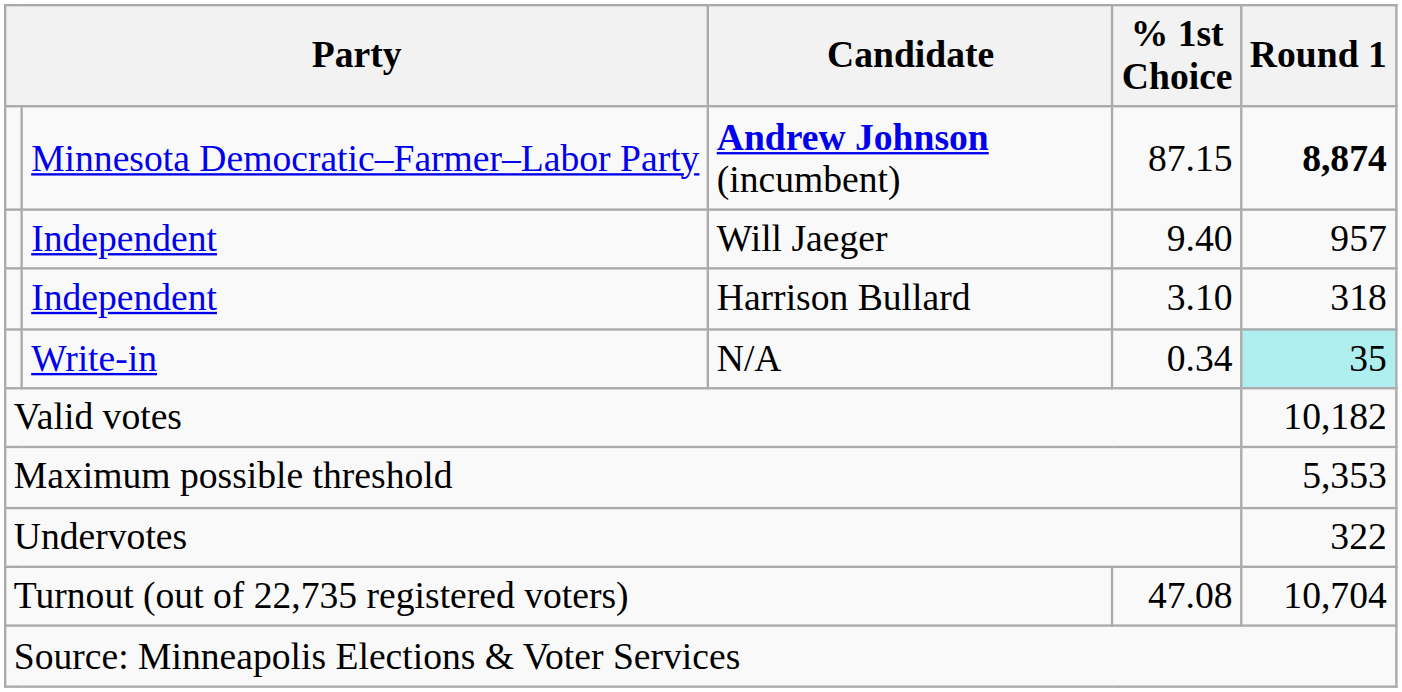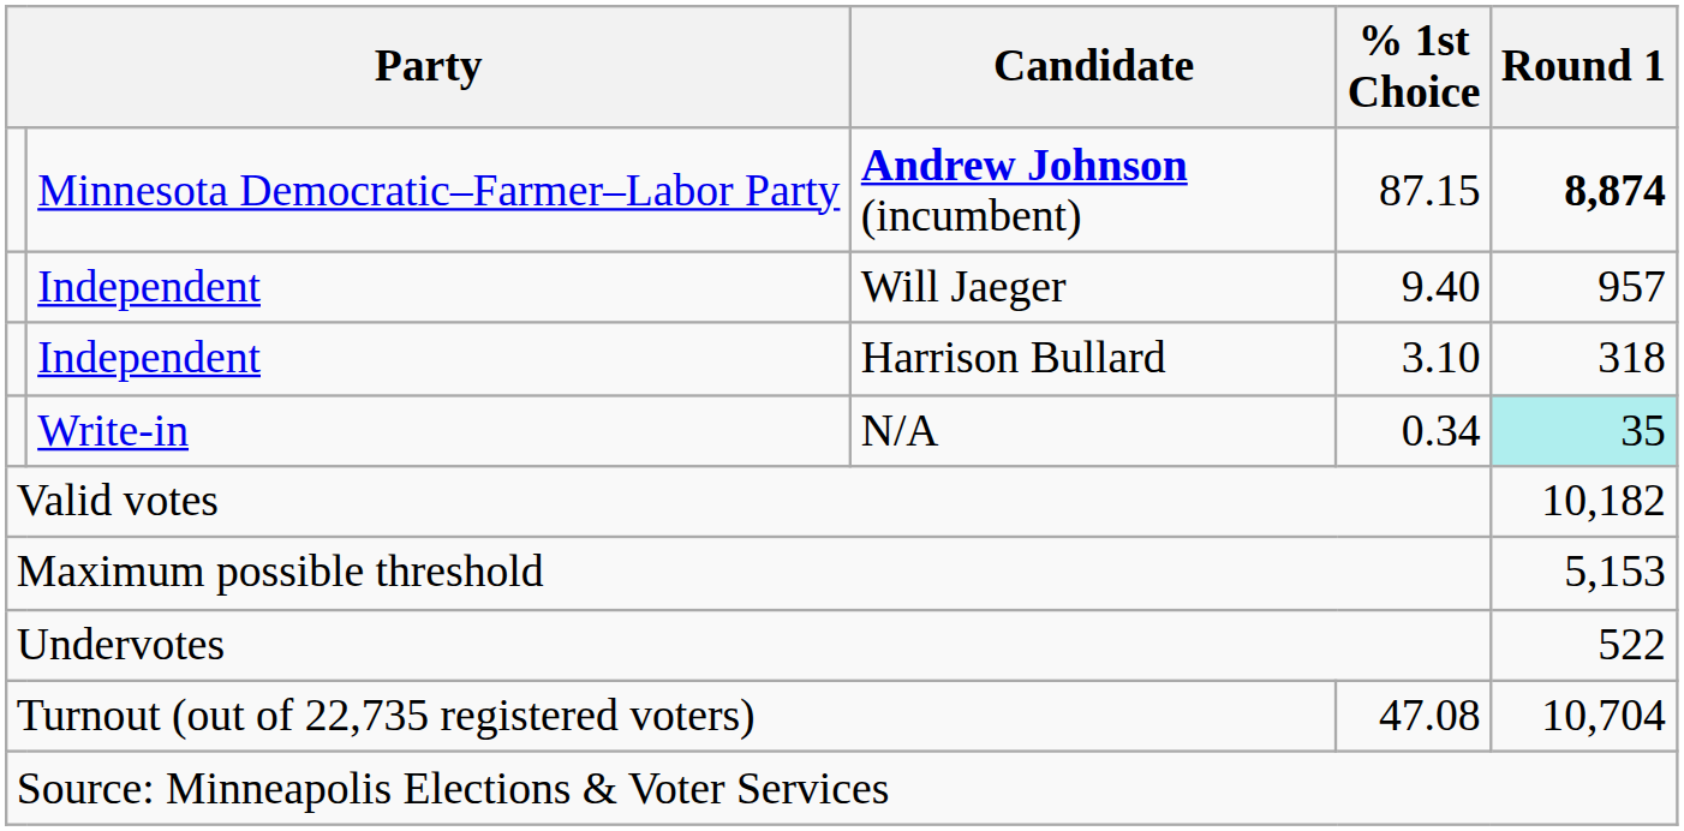 <table class="wikitable">
 <tr>
 <th colspan="2" style="width:290px">Party</th>
 <th style="width:165px">Candidate</th>
 <th>% 1st<br>Choice</th>
 <th>Round 1</th>
 </tr>
 <tr>
 <td style="background-color:"></td>
 <td><a href='#'>Minnesota Democratic–Farmer–Labor Party</a></td>
 <td><a href='#'><strong>Andrew Johnson</strong></a> (incumbent)</td>
 <td align="right">87.15</td>
 <td align="right"><strong>8,874</strong></td>
 </tr>
 <tr>
 <td style="background-color:"></td>
 <td><a href='#'>Independent</a></td>
 <td>Will Jaeger</td>
 <td align="right">9.40</td>
 <td align="right">957</td>
 </tr>
 <tr>
 <td style="background-color:"></td>
 <td><a href='#'>Independent</a></td>
 <td>Harrison Bullard</td>
 <td align="right">3.10</td>
 <td align="right">318</td>
 </tr>
 <tr>
 <td style="background-color:"></td>
 <td><a href='#'>Write-in</a></td>
 <td>N/A</td>
 <td align="right">0.34</td>
 <td align="right" style="background: paleturquoise;">35</td>
 </tr>
 <tr>
 <td colspan="4">Valid votes</td>
 <td align="right">10,182</td>
 </tr>
 <tr>
 <td colspan="4">Maximum possible threshold</td>
-<td align="right">5,353</td>
+<td align="right">5,153</td>
 </tr>
 <tr>
 <td colspan="4">Undervotes</td>
-<td align="right">322</td>
+<td align="right">522</td>
 </tr>
 <tr>
 <td colspan="3">Turnout (out of 22,735 registered voters)</td>
 <td align="right">47.08</td>
 <td align="right">10,704</td>
 </tr>
 <tr>
 <td colspan="5">Source: Minneapolis Elections & Voter Services</td>
 </tr>
 </table>
